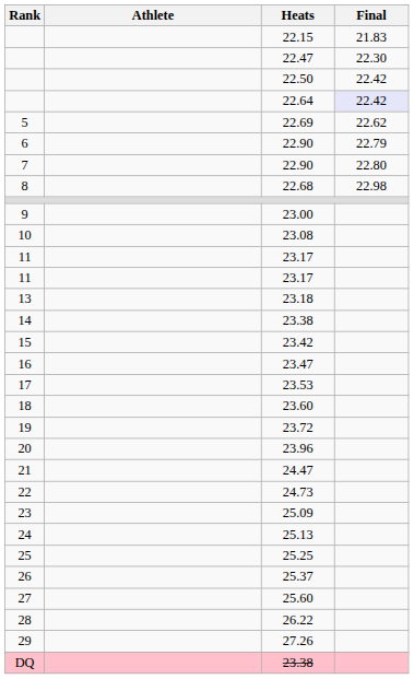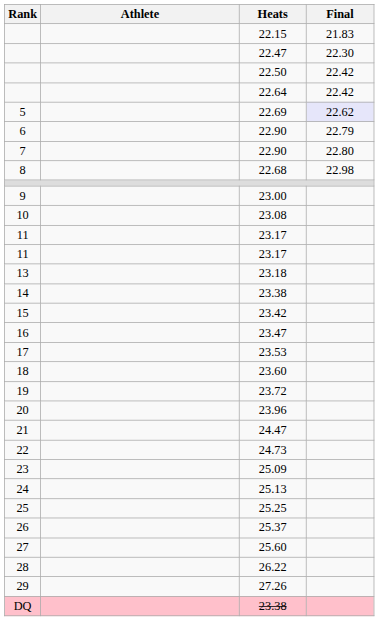 <table class=wikitable style="text-align:center">
 <tr>
 <th width=40>Rank</th>
 <th width=250>Athlete</th>
 <th width=80>Heats</th>
 <th width=80>Final</th>
 </tr>
 <tr>
 <td></td>
 <td align=left></td>
 <td>22.15</td>
 <td>21.83</td>
 </tr>
 <tr>
 <td></td>
 <td align=left></td>
 <td>22.47</td>
 <td>22.30</td>
 </tr>
 <tr>
 <td></td>
 <td align=left></td>
 <td>22.50</td>
 <td>22.42</td>
 </tr>
 <tr>
 <td></td>
 <td align=left></td>
 <td>22.64</td>
-<td style="background: lavender;">22.42</td>
+<td>22.42</td>
 </tr>
 <tr>
 <td>5</td>
 <td align=left></td>
 <td>22.69</td>
-<td>22.62</td>
+<td style="background: lavender;">22.62</td>
 </tr>
 <tr>
 <td>6</td>
 <td align=left></td>
 <td>22.90</td>
 <td>22.79</td>
 </tr>
 <tr>
 <td>7</td>
 <td align=left></td>
 <td>22.90</td>
 <td>22.80</td>
 </tr>
 <tr>
 <td>8</td>
 <td align=left></td>
 <td>22.68</td>
 <td>22.98</td>
 </tr>
 <tr bgcolor=#DDDDDD>
 <td colspan=4></td>
 </tr>
 <tr>
 <td>9</td>
 <td align=left></td>
 <td>23.00</td>
 <td></td>
 </tr>
 <tr>
 <td>10</td>
 <td align=left></td>
 <td>23.08</td>
 <td></td>
 </tr>
 <tr>
 <td>11</td>
 <td align=left></td>
 <td>23.17</td>
 <td></td>
 </tr>
 <tr>
 <td>11</td>
 <td align=left></td>
 <td>23.17</td>
 <td></td>
 </tr>
 <tr>
 <td>13</td>
 <td align=left></td>
 <td>23.18</td>
 <td></td>
 </tr>
 <tr>
 <td>14</td>
 <td align=left></td>
 <td>23.38</td>
 <td></td>
 </tr>
 <tr>
 <td>15</td>
 <td align=left></td>
 <td>23.42</td>
 <td></td>
 </tr>
 <tr>
 <td>16</td>
 <td align=left></td>
 <td>23.47</td>
 <td></td>
 </tr>
 <tr>
 <td>17</td>
 <td align=left></td>
 <td>23.53</td>
 <td></td>
 </tr>
 <tr>
 <td>18</td>
 <td align=left></td>
 <td>23.60</td>
 <td></td>
 </tr>
 <tr>
 <td>19</td>
 <td align=left></td>
 <td>23.72</td>
 <td></td>
 </tr>
 <tr>
 <td>20</td>
 <td align=left></td>
 <td>23.96</td>
 <td></td>
 </tr>
 <tr>
 <td>21</td>
 <td align=left></td>
 <td>24.47</td>
 <td></td>
 </tr>
 <tr>
 <td>22</td>
 <td align=left></td>
 <td>24.73</td>
 <td></td>
 </tr>
 <tr>
 <td>23</td>
 <td align=left></td>
 <td>25.09</td>
 <td></td>
 </tr>
 <tr>
 <td>24</td>
 <td align=left></td>
 <td>25.13</td>
 <td></td>
 </tr>
 <tr>
 <td>25</td>
 <td align=left></td>
 <td>25.25</td>
 <td></td>
 </tr>
 <tr>
 <td>26</td>
 <td align=left></td>
 <td>25.37</td>
 <td></td>
 </tr>
 <tr>
 <td>27</td>
 <td align=left></td>
 <td>25.60</td>
 <td></td>
 </tr>
 <tr>
 <td>28</td>
 <td align=left></td>
 <td>26.22</td>
 <td></td>
 </tr>
 <tr>
 <td>29</td>
 <td align=left></td>
 <td>27.26</td>
 <td></td>
 </tr>
 <tr bgcolor=pink>
 <td>DQ</td>
 <td align=left></td>
 <td><s>23.38</s></td>
 <td></td>
 </tr>
 </table>
